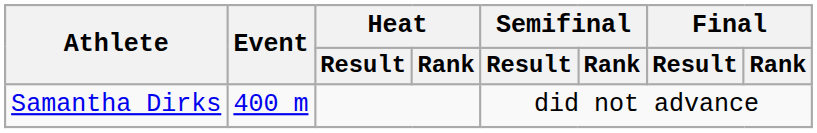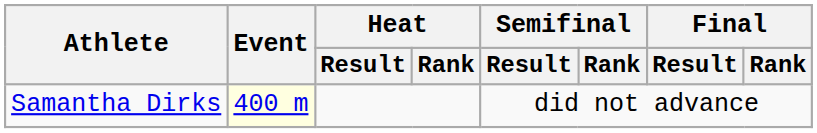 <table class="wikitable" style="font-size:90%">
 <tr>
 <th rowspan=2>Athlete</th>
 <th rowspan=2>Event</th>
 <th colspan=2>Heat</th>
 <th colspan=2>Semifinal</th>
 <th colspan=2>Final</th>
 </tr>
 <tr style="font-size:95%">
 <th>Result</th>
 <th>Rank</th>
 <th>Result</th>
 <th>Rank</th>
 <th>Result</th>
 <th>Rank</th>
 </tr>
 <tr align=center>
 <td align=left><a href='#'>Samantha Dirks</a></td>
-<td align=left><a href='#'>400 m</a></td>
+<td align=left style="background: lightyellow;"><a href='#'>400 m</a></td>
 <td colspan=2></td>
 <td colspan=4>did not advance</td>
 </tr>
 </table>
